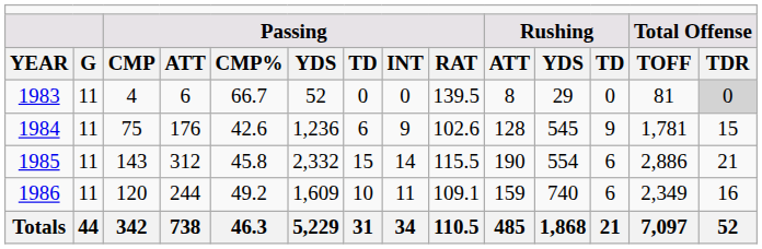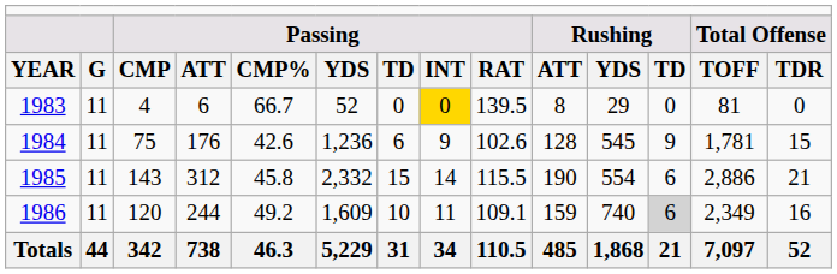 <table class=wikitable style="text-align:center">
 <tr>
 <td ! colspan="14"></td>
 </tr>
 <tr>
 <th colspan="2" style="background:#e7e3e7;"></th>
 <th colspan="7" style="background:#e7e3e7;">Passing</th>
 <th colspan="3" style="background:#e7e3e7;">Rushing</th>
 <th colspan="2" style="background:#e7e3e7;">Total Offense</th>
 </tr>
 <tr>
 <th>YEAR</th>
 <th>G</th>
 <th>CMP</th>
 <th>ATT</th>
 <th>CMP%</th>
 <th>YDS</th>
 <th>TD</th>
 <th>INT</th>
 <th>RAT</th>
 <th>ATT</th>
 <th>YDS</th>
 <th>TD</th>
 <th>TOFF</th>
 <th>TDR</th>
 </tr>
 <tr>
 <td><a href='#'>1983</a></td>
 <td>11</td>
 <td>4</td>
 <td>6</td>
 <td>66.7</td>
 <td>52</td>
 <td>0</td>
-<td>0</td>
+<td style="background: gold;">0</td>
 <td>139.5</td>
 <td>8</td>
 <td>29</td>
 <td>0</td>
 <td>81</td>
-<td style="background: lightgrey;">0</td>
+<td>0</td>
 </tr>
 <tr>
 <td><a href='#'>1984</a></td>
 <td>11</td>
 <td>75</td>
 <td>176</td>
 <td>42.6</td>
 <td>1,236</td>
 <td>6</td>
 <td>9</td>
 <td>102.6</td>
 <td>128</td>
 <td>545</td>
 <td>9</td>
 <td>1,781</td>
 <td>15</td>
 </tr>
 <tr>
 <td><a href='#'>1985</a></td>
 <td>11</td>
 <td>143</td>
 <td>312</td>
 <td>45.8</td>
 <td>2,332</td>
 <td>15</td>
 <td>14</td>
 <td>115.5</td>
 <td>190</td>
 <td>554</td>
 <td>6</td>
 <td>2,886</td>
 <td>21</td>
 </tr>
 <tr>
 <td><a href='#'>1986</a></td>
 <td>11</td>
 <td>120</td>
 <td>244</td>
 <td>49.2</td>
 <td>1,609</td>
 <td>10</td>
 <td>11</td>
 <td>109.1</td>
 <td>159</td>
 <td>740</td>
-<td>6</td>
+<td style="background: lightgrey;">6</td>
 <td>2,349</td>
 <td>16</td>
 </tr>
 <tr>
 <th>Totals</th>
 <th>44</th>
 <th>342</th>
 <th>738</th>
 <th>46.3</th>
 <th>5,229</th>
 <th>31</th>
 <th>34</th>
 <th>110.5</th>
 <th>485</th>
 <th>1,868</th>
 <th>21</th>
 <th>7,097</th>
 <th>52</th>
 </tr>
 </table>
